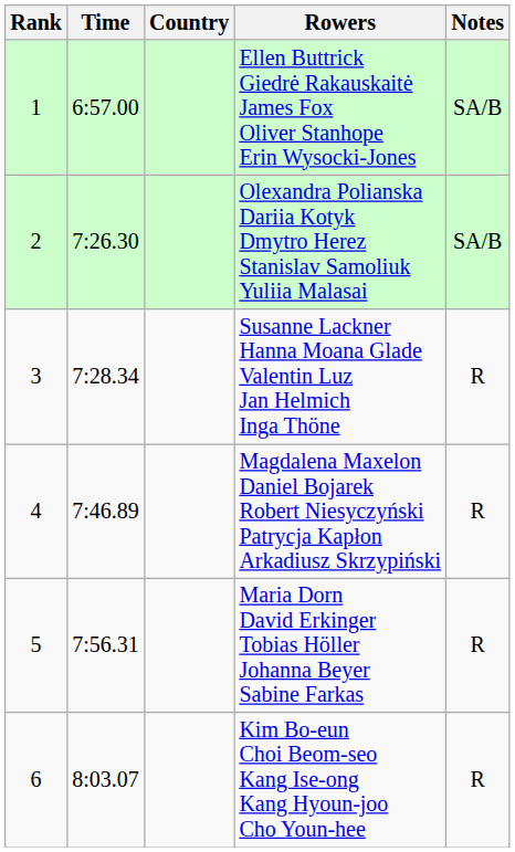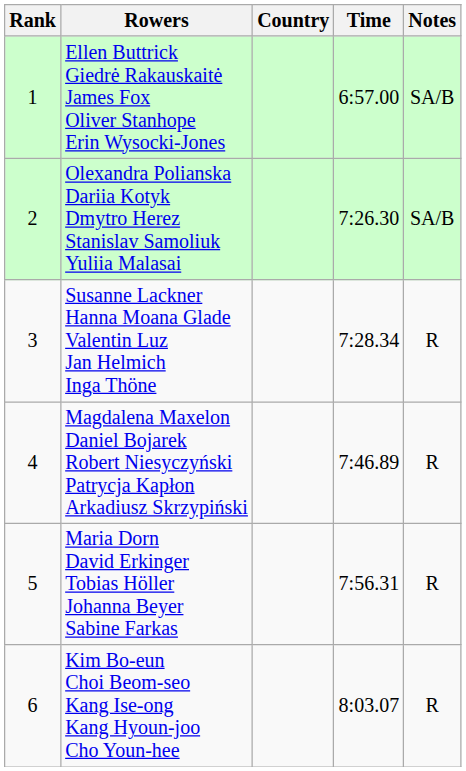 <table class="wikitable" style="text-align:center">
 <tr>
 <th>Rank</th>
+<th>Rowers</th>
+<th>Country</th>
 <th>Time</th>
-<th>Country</th>
-<th>Rowers</th>
 <th>Notes</th>
 </tr>
 <tr bgcolor=ccffcc>
 <td>1</td>
+<td align="left"><a href='#'>Ellen Buttrick</a><br><a href='#'>Giedrė Rakauskaitė</a><br><a href='#'>James Fox</a><br><a href='#'>Oliver Stanhope</a><br><a href='#'>Erin Wysocki-Jones</a></td>
+<td align="left"></td>
 <td>6:57.00</td>
-<td align="left"></td>
-<td align="left"><a href='#'>Ellen Buttrick</a><br><a href='#'>Giedrė Rakauskaitė</a><br><a href='#'>James Fox</a><br><a href='#'>Oliver Stanhope</a><br><a href='#'>Erin Wysocki-Jones</a></td>
 <td>SA/B</td>
 </tr>
 <tr bgcolor=ccffcc>
 <td>2</td>
+<td align="left"><a href='#'>Olexandra Polianska</a><br><a href='#'>Dariia Kotyk</a><br><a href='#'>Dmytro Herez</a><br><a href='#'>Stanislav Samoliuk</a><br><a href='#'>Yuliia Malasai</a></td>
+<td align="left"></td>
 <td>7:26.30</td>
-<td align="left"></td>
-<td align="left"><a href='#'>Olexandra Polianska</a><br><a href='#'>Dariia Kotyk</a><br><a href='#'>Dmytro Herez</a><br><a href='#'>Stanislav Samoliuk</a><br><a href='#'>Yuliia Malasai</a></td>
 <td>SA/B</td>
 </tr>
 <tr>
 <td>3</td>
+<td align="left"><a href='#'>Susanne Lackner</a><br><a href='#'>Hanna Moana Glade</a><br><a href='#'>Valentin Luz</a><br><a href='#'>Jan Helmich</a><br><a href='#'>Inga Thöne</a></td>
+<td align="left"></td>
 <td>7:28.34</td>
-<td align="left"></td>
-<td align="left"><a href='#'>Susanne Lackner</a><br><a href='#'>Hanna Moana Glade</a><br><a href='#'>Valentin Luz</a><br><a href='#'>Jan Helmich</a><br><a href='#'>Inga Thöne</a></td>
 <td>R</td>
 </tr>
 <tr>
 <td>4</td>
+<td align="left"><a href='#'>Magdalena Maxelon</a><br><a href='#'>Daniel Bojarek</a><br><a href='#'>Robert Niesyczyński</a><br><a href='#'>Patrycja Kapłon</a><br><a href='#'>Arkadiusz Skrzypiński</a></td>
+<td align="left"></td>
 <td>7:46.89</td>
-<td align="left"></td>
-<td align="left"><a href='#'>Magdalena Maxelon</a><br><a href='#'>Daniel Bojarek</a><br><a href='#'>Robert Niesyczyński</a><br><a href='#'>Patrycja Kapłon</a><br><a href='#'>Arkadiusz Skrzypiński</a></td>
 <td>R</td>
 </tr>
 <tr>
 <td>5</td>
+<td align="left"><a href='#'>Maria Dorn</a><br><a href='#'>David Erkinger</a><br><a href='#'>Tobias Höller</a><br><a href='#'>Johanna Beyer</a><br><a href='#'>Sabine Farkas</a></td>
+<td align="left"></td>
 <td>7:56.31</td>
-<td align="left"></td>
-<td align="left"><a href='#'>Maria Dorn</a><br><a href='#'>David Erkinger</a><br><a href='#'>Tobias Höller</a><br><a href='#'>Johanna Beyer</a><br><a href='#'>Sabine Farkas</a></td>
 <td>R</td>
 </tr>
 <tr>
 <td>6</td>
+<td align="left"><a href='#'>Kim Bo-eun</a><br><a href='#'>Choi Beom-seo</a><br><a href='#'>Kang Ise-ong</a><br><a href='#'>Kang Hyoun-joo</a><br><a href='#'>Cho Youn-hee</a></td>
+<td align="left"></td>
 <td>8:03.07</td>
-<td align="left"></td>
-<td align="left"><a href='#'>Kim Bo-eun</a><br><a href='#'>Choi Beom-seo</a><br><a href='#'>Kang Ise-ong</a><br><a href='#'>Kang Hyoun-joo</a><br><a href='#'>Cho Youn-hee</a></td>
 <td>R</td>
 </tr>
 </table>
